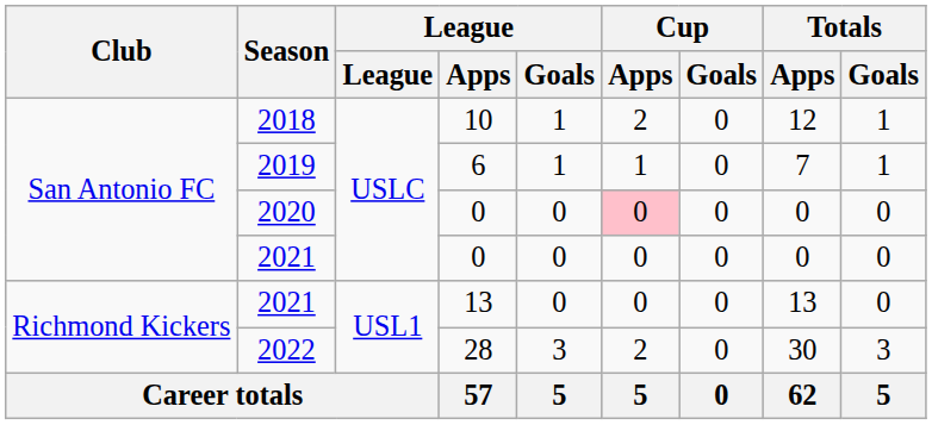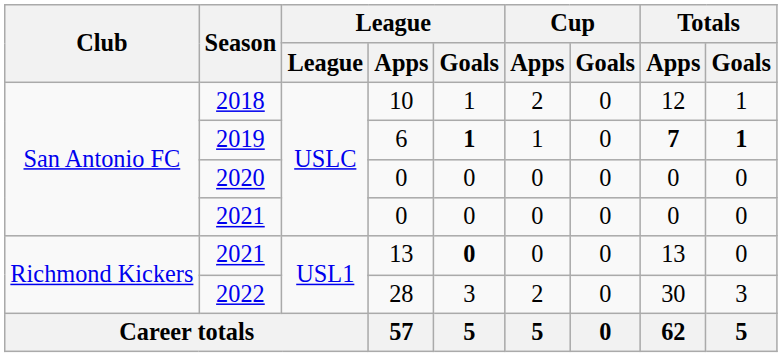 <table class="wikitable" Style="text-align: center">
 <tr>
 <th rowspan="2">Club</th>
 <th rowspan="2">Season</th>
 <th colspan="3">League</th>
 <th colspan="2">Cup</th>
 <th colspan="2">Totals</th>
 </tr>
 <tr>
 <th>League</th>
 <th>Apps</th>
 <th>Goals</th>
 <th>Apps</th>
 <th>Goals</th>
 <th>Apps</th>
 <th>Goals</th>
 </tr>
 <tr>
 <td rowspan="4"><a href='#'>San Antonio FC</a></td>
 <td><a href='#'>2018</a></td>
 <td rowspan="4"><a href='#'>USLC</a></td>
 <td>10</td>
 <td>1</td>
 <td>2</td>
 <td>0</td>
 <td>12</td>
 <td>1</td>
 </tr>
 <tr>
 <td><a href='#'>2019</a></td>
 <td>6</td>
-<td>1</td>
+<td><strong>1</strong></td>
 <td>1</td>
 <td>0</td>
-<td>7</td>
-<td>1</td>
+<td><strong>7</strong></td>
+<td><strong>1</strong></td>
 </tr>
 <tr>
 <td><a href='#'>2020</a></td>
 <td>0</td>
 <td>0</td>
-<td style="background: pink;">0</td>
+<td>0</td>
 <td>0</td>
 <td>0</td>
 <td>0</td>
 </tr>
 <tr>
 <td><a href='#'>2021</a></td>
 <td>0</td>
 <td>0</td>
 <td>0</td>
 <td>0</td>
 <td>0</td>
 <td>0</td>
 </tr>
 <tr>
 <td rowspan="2"><a href='#'>Richmond Kickers</a></td>
 <td><a href='#'>2021</a></td>
 <td rowspan="2"><a href='#'>USL1</a></td>
 <td>13</td>
-<td>0</td>
+<td><strong>0</strong></td>
 <td>0</td>
 <td>0</td>
 <td>13</td>
 <td>0</td>
 </tr>
 <tr>
 <td><a href='#'>2022</a></td>
 <td>28</td>
 <td>3</td>
 <td>2</td>
 <td>0</td>
 <td>30</td>
 <td>3</td>
 </tr>
 <tr>
 <th colspan="3">Career totals</th>
 <th>57</th>
 <th>5</th>
 <th>5</th>
 <th>0</th>
 <th>62</th>
 <th>5</th>
 </tr>
 </table>
